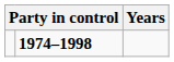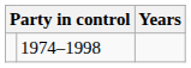 <table class="wikitable">
 <tr>
 <th colspan="2">Party in control</th>
 <th>Years</th>
 </tr>
 <tr>
 <td></td>
-<td><strong>1974–1998</strong></td>
+<td>1974–1998</td>
 </tr>
 </table>
